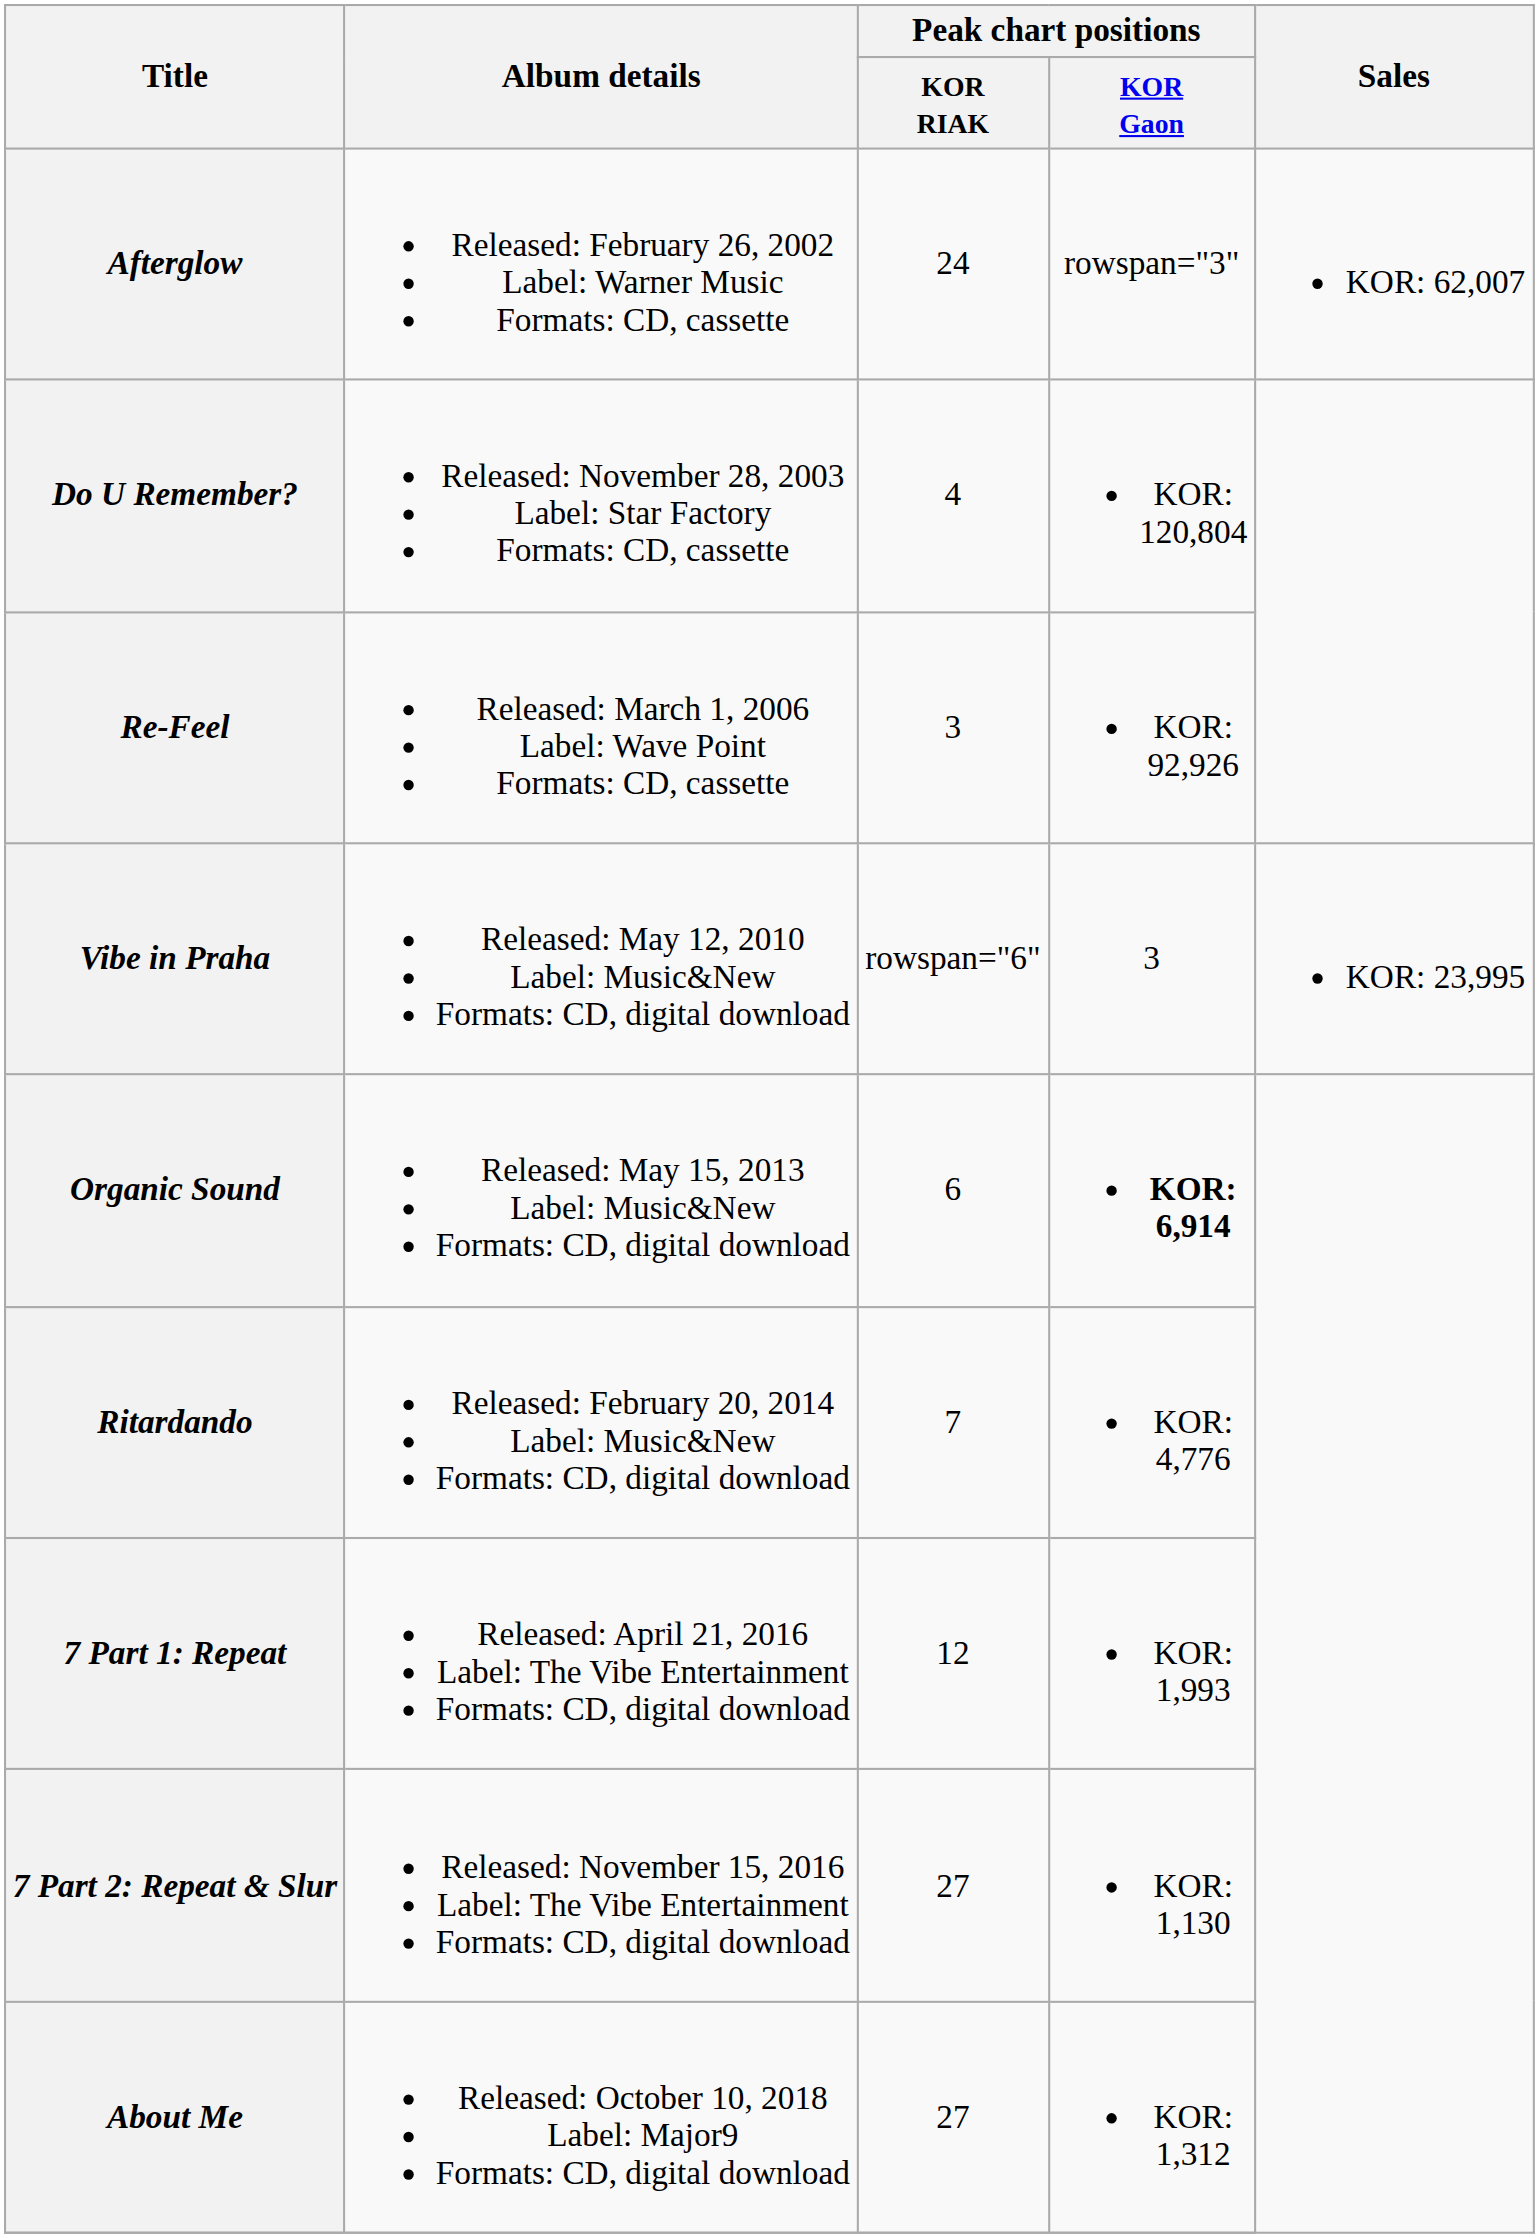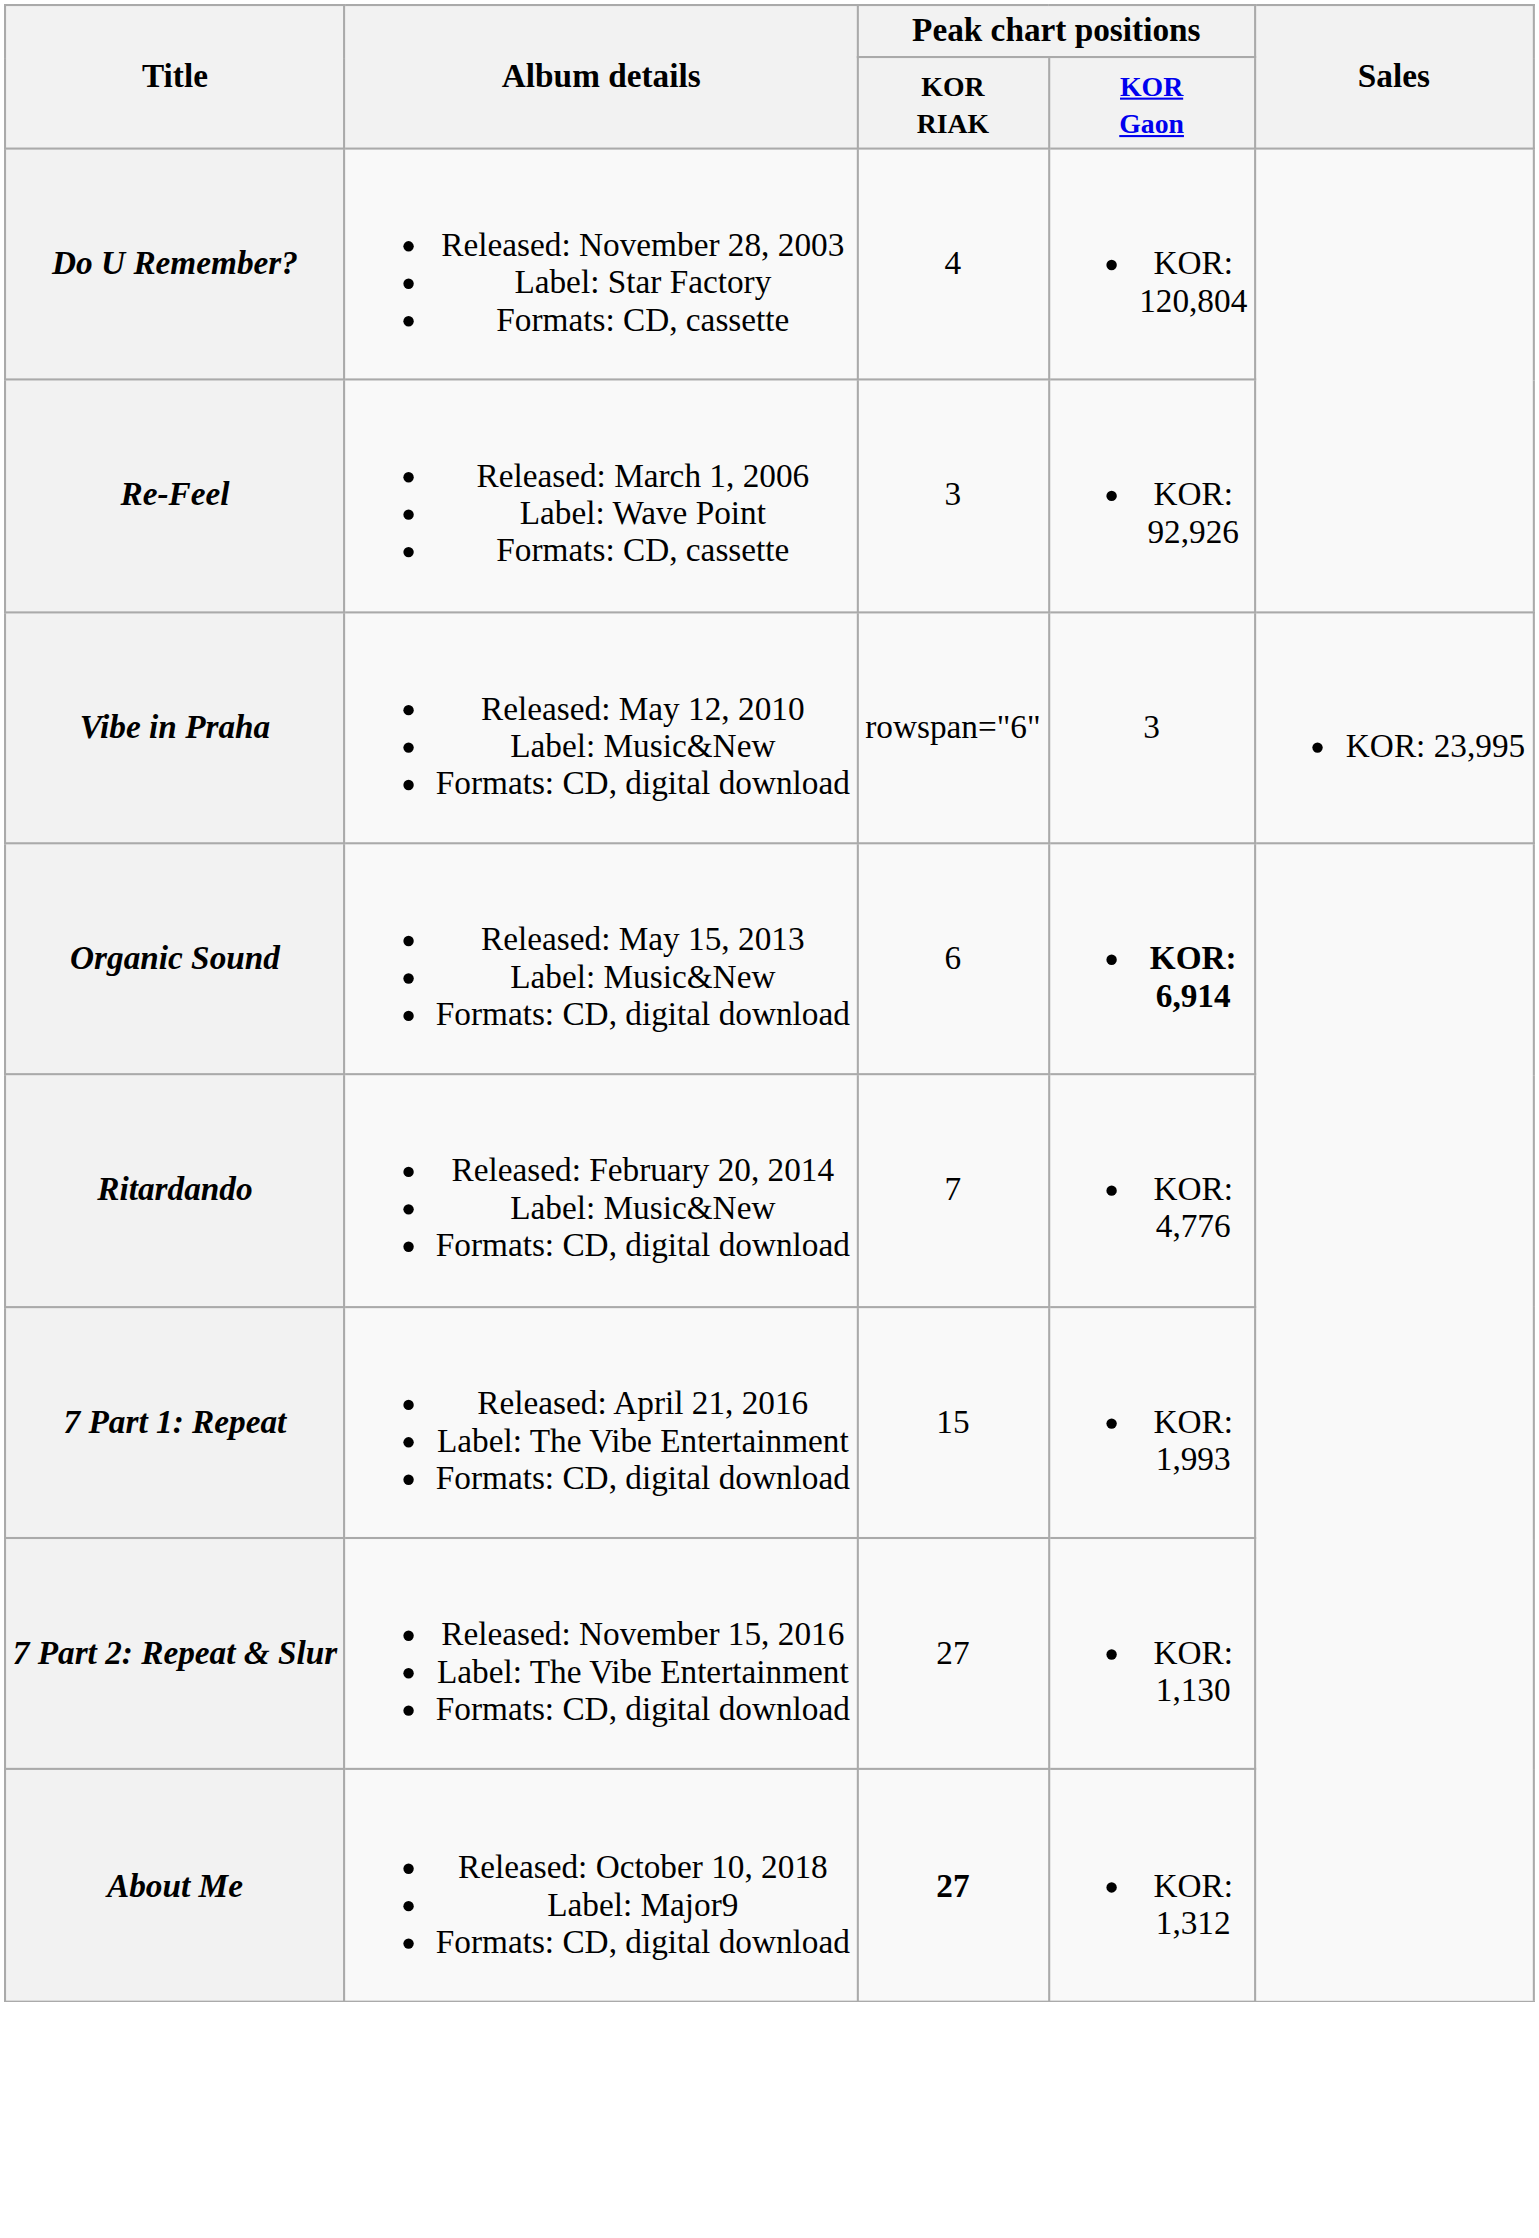 <table class="wikitable plainrowheaders" style="text-align:center;">
 <tr>
 <th scope="col" rowspan="2">Title</th>
 <th scope="col" rowspan="2">Album details</th>
 <th colspan="2" scope="col">Peak chart positions</th>
 <th scope="col" rowspan="2">Sales</th>
 </tr>
 <tr>
 <th style="width:3em;"><small>KOR<br>RIAK</small><br></th>
 <th style="width:3em;"><small><a href='#'>KOR<br>Gaon</a></small><br></th>
-</tr>
-<tr>
-<th scope="row"><em>Afterglow</em></th>
-<td><br><ul><li>Released: February 26, 2002</li><li>Label: Warner Music</li><li>Formats: CD, cassette</li></ul></td>
-<td>24</td>
-<td>rowspan="3" </td>
-<td><br><ul><li>KOR: 62,007</li></ul></td>
 </tr>
 <tr>
 <th scope="row"><em>Do U Remember?</em></th>
 <td><br><ul><li>Released: November 28, 2003</li><li>Label: Star Factory</li><li>Formats: CD, cassette</li></ul></td>
 <td>4</td>
 <td><br><ul><li>KOR: 120,804</li></ul></td>
 </tr>
 <tr>
 <th scope="row"><em>Re-Feel</em></th>
 <td><br><ul><li>Released: March 1, 2006</li><li>Label: Wave Point</li><li>Formats: CD, cassette</li></ul></td>
 <td>3</td>
 <td><br><ul><li>KOR: 92,926</li></ul></td>
 </tr>
 <tr>
 <th scope="row"><em>Vibe in Praha</em></th>
 <td><br><ul><li>Released: May 12, 2010</li><li>Label: Music&New</li><li>Formats: CD, digital download</li></ul></td>
 <td>rowspan="6" </td>
 <td>3</td>
 <td><br><ul><li>KOR: 23,995</li></ul></td>
 </tr>
 <tr>
 <th scope="row"><em>Organic Sound</em></th>
 <td><br><ul><li>Released: May 15, 2013</li><li>Label: Music&New</li><li>Formats: CD, digital download</li></ul></td>
 <td>6</td>
 <td><strong><br><ul><li>KOR: 6,914</li></ul></strong></td>
 </tr>
 <tr>
 <th scope="row"><em>Ritardando</em></th>
 <td><br><ul><li>Released: February 20, 2014</li><li>Label: Music&New</li><li>Formats: CD, digital download</li></ul></td>
 <td>7</td>
 <td><br><ul><li>KOR: 4,776</li></ul></td>
 </tr>
 <tr>
 <th scope="row"><em>7 Part 1: Repeat</em></th>
 <td><br><ul><li>Released: April 21, 2016</li><li>Label: The Vibe Entertainment</li><li>Formats: CD, digital download</li></ul></td>
-<td>12</td>
+<td>15</td>
 <td><br><ul><li>KOR: 1,993</li></ul></td>
 </tr>
 <tr>
 <th scope="row"><em>7 Part 2: Repeat & Slur</em></th>
 <td><br><ul><li>Released: November 15, 2016</li><li>Label: The Vibe Entertainment</li><li>Formats: CD, digital download</li></ul></td>
 <td>27</td>
 <td><br><ul><li>KOR: 1,130</li></ul></td>
 </tr>
 <tr>
 <th scope="row"><em>About Me</em></th>
 <td><br><ul><li>Released: October 10, 2018</li><li>Label: Major9</li><li>Formats: CD, digital download</li></ul></td>
-<td>27</td>
+<td><strong>27</strong></td>
 <td><br><ul><li>KOR: 1,312</li></ul></td>
 </tr>
 <tr>
 </tr>
 </table>
